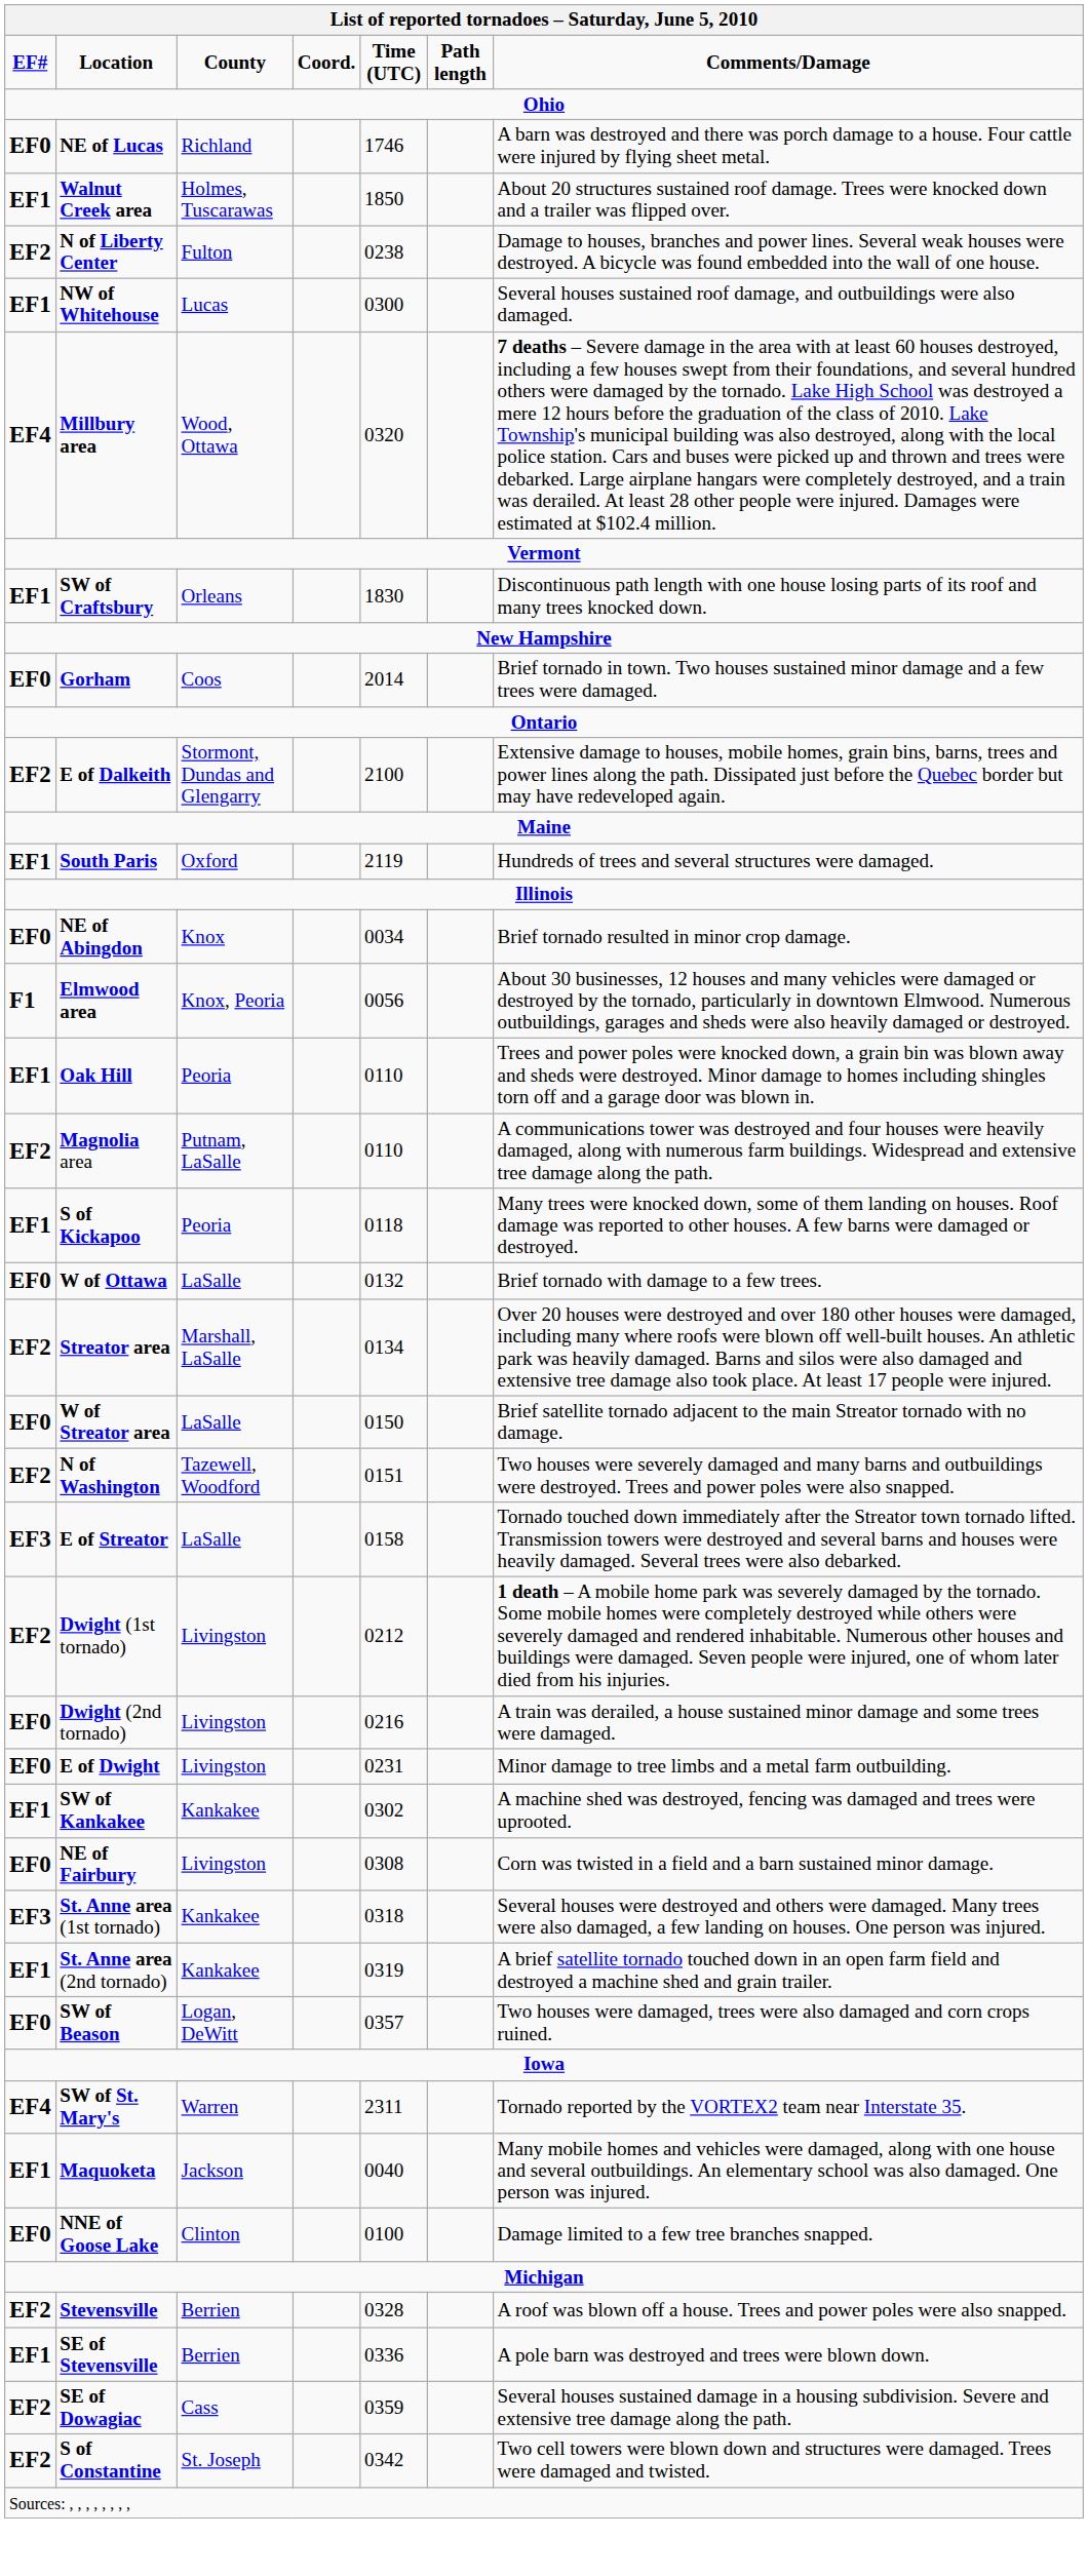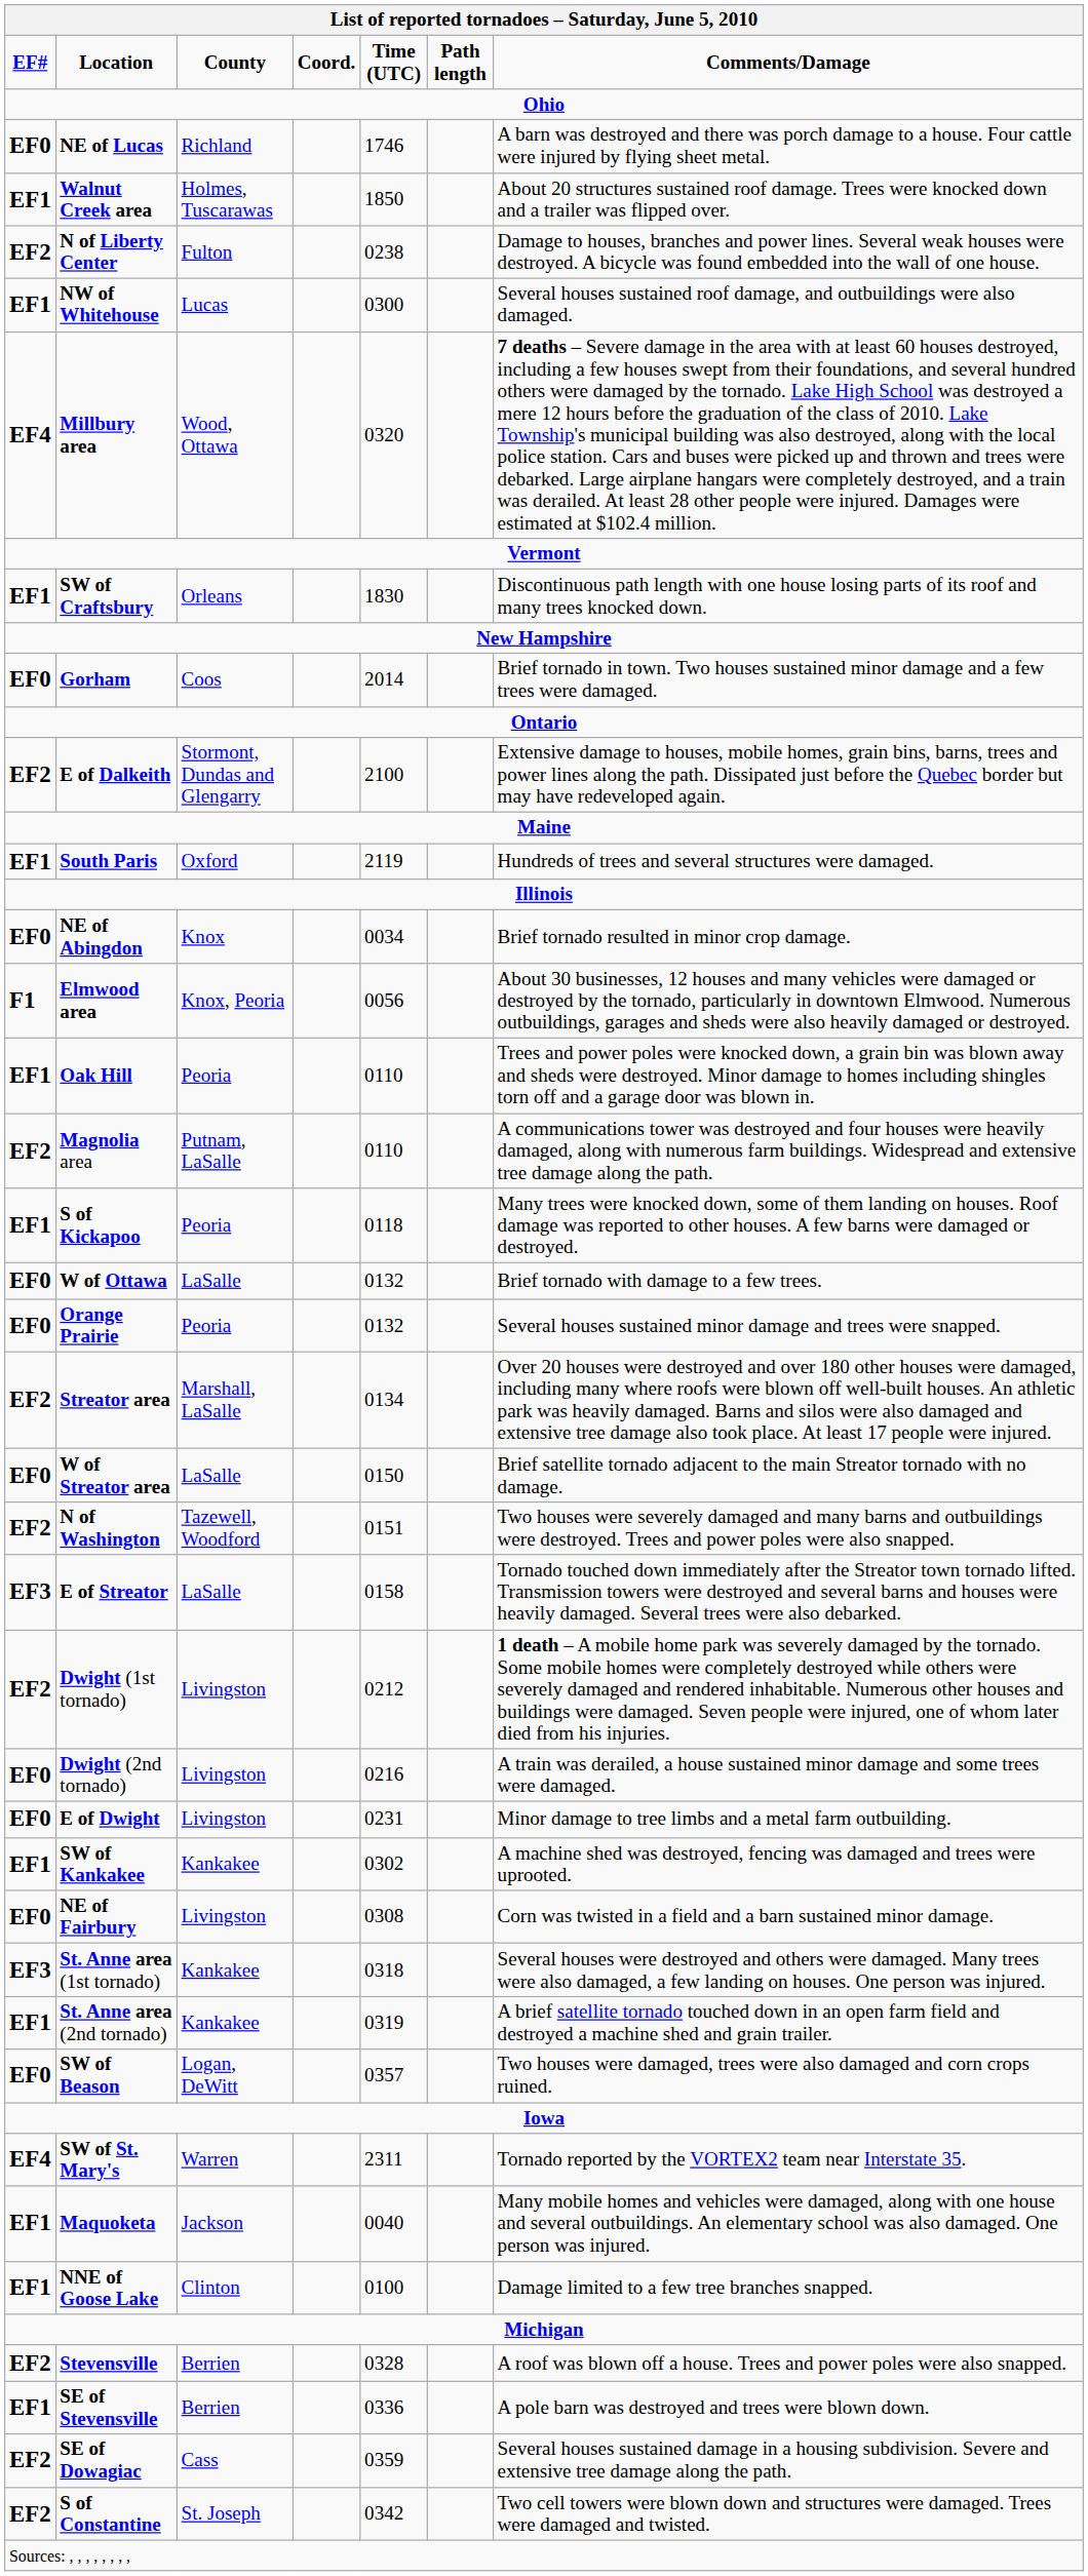 <table class="wikitable collapsible" width="100%">
 <tr>
 <th colspan="7">List of reported tornadoes – Saturday, June 5, 2010</th>
 </tr>
 <tr style="text-align:center;">
 <td><strong><a href='#'>EF#</a></strong></td>
 <td><strong>Location</strong></td>
 <td><strong>County</strong></td>
 <td><strong>Coord.</strong></td>
 <td><strong>Time (UTC)</strong></td>
 <td><strong>Path length</strong></td>
 <td><strong>Comments/Damage</strong></td>
 </tr>
 <tr>
 <td colspan="7" align=center><strong><a href='#'>Ohio</a></strong></td>
 </tr>
 <tr>
 <td><big><strong>EF0</strong></big></td>
 <td><strong>NE of <a href='#'>Lucas</a></strong></td>
 <td><a href='#'>Richland</a></td>
 <td></td>
 <td>1746</td>
 <td></td>
 <td>A barn was destroyed and there was porch damage to a house. Four cattle were injured by flying sheet metal.</td>
 </tr>
 <tr>
 <td><big><strong>EF1</strong></big></td>
 <td><strong><a href='#'>Walnut Creek</a> area</strong></td>
 <td><a href='#'>Holmes</a>, <a href='#'>Tuscarawas</a></td>
 <td></td>
 <td>1850</td>
 <td></td>
 <td>About 20 structures sustained roof damage. Trees were knocked down and a trailer was flipped over.</td>
 </tr>
 <tr>
 <td><big><strong>EF2</strong></big></td>
 <td><strong>N of <a href='#'>Liberty Center</a></strong></td>
 <td><a href='#'>Fulton</a></td>
 <td></td>
 <td>0238</td>
 <td></td>
 <td>Damage to houses, branches and power lines. Several weak houses were destroyed. A bicycle was found embedded into the wall of one house.</td>
 </tr>
 <tr>
 <td><big><strong>EF1</strong></big></td>
 <td><strong>NW of <a href='#'>Whitehouse</a></strong></td>
 <td><a href='#'>Lucas</a></td>
 <td></td>
 <td>0300</td>
 <td></td>
 <td>Several houses sustained roof damage, and outbuildings were also damaged.</td>
 </tr>
 <tr>
 <td><big><strong>EF4</strong></big></td>
 <td><strong><a href='#'>Millbury</a> area</strong></td>
 <td><a href='#'>Wood</a>, <a href='#'>Ottawa</a></td>
 <td></td>
 <td>0320</td>
 <td></td>
 <td><strong>7 deaths</strong> – Severe damage in the area with at least 60 houses destroyed, including a few houses swept from their foundations, and several hundred others were damaged by the tornado. <a href='#'>Lake High School</a> was destroyed a mere 12 hours before the graduation of the class of 2010. <a href='#'>Lake Township</a>'s municipal building was also destroyed, along with the local police station. Cars and buses were picked up and thrown and trees were debarked. Large airplane hangars were completely destroyed, and a train was derailed. At least 28 other people were injured. Damages were estimated at $102.4 million.</td>
 </tr>
 <tr>
 <td colspan="7" align=center><strong><a href='#'>Vermont</a></strong></td>
 </tr>
 <tr>
 <td><big><strong>EF1</strong></big></td>
 <td><strong>SW of <a href='#'>Craftsbury</a></strong></td>
 <td><a href='#'>Orleans</a></td>
 <td></td>
 <td>1830</td>
 <td></td>
 <td>Discontinuous path length with one house losing parts of its roof and many trees knocked down.</td>
 </tr>
 <tr>
 <td colspan="7" align=center><strong><a href='#'>New Hampshire</a></strong></td>
 </tr>
 <tr>
 <td><big><strong>EF0</strong></big></td>
 <td><strong><a href='#'>Gorham</a></strong></td>
 <td><a href='#'>Coos</a></td>
 <td></td>
 <td>2014</td>
 <td></td>
 <td>Brief tornado in town. Two houses sustained minor damage and a few trees were damaged.</td>
 </tr>
 <tr>
 <td colspan="7" style="text-align:center;"><strong><a href='#'>Ontario</a></strong></td>
 </tr>
 <tr>
 <td><big><strong>EF2</strong></big></td>
 <td><strong>E of <a href='#'>Dalkeith</a></strong></td>
 <td><a href='#'>Stormont, Dundas and Glengarry</a></td>
 <td></td>
 <td>2100</td>
 <td></td>
 <td>Extensive damage to houses, mobile homes, grain bins, barns, trees and power lines along the path. Dissipated just before the <a href='#'>Quebec</a> border but may have redeveloped again.</td>
 </tr>
 <tr>
 <td colspan="7" align=center><strong><a href='#'>Maine</a></strong></td>
 </tr>
 <tr>
 <td><big><strong>EF1</strong></big></td>
 <td><strong><a href='#'>South Paris</a></strong></td>
 <td><a href='#'>Oxford</a></td>
 <td></td>
 <td>2119</td>
 <td></td>
 <td>Hundreds of trees and several structures were damaged.</td>
 </tr>
 <tr>
 <td colspan="7" align=center><strong><a href='#'>Illinois</a></strong></td>
 </tr>
 <tr>
 <td><big><strong>EF0</strong></big></td>
 <td><strong>NE of <a href='#'>Abingdon</a></strong></td>
 <td><a href='#'>Knox</a></td>
 <td></td>
 <td>0034</td>
 <td></td>
 <td>Brief tornado resulted in minor crop damage.</td>
 </tr>
 <tr>
 <td><big><strong>F1</strong></big></td>
 <td><strong><a href='#'>Elmwood</a> area</strong></td>
 <td><a href='#'>Knox</a>, <a href='#'>Peoria</a></td>
 <td></td>
 <td>0056</td>
 <td></td>
 <td>About 30 businesses, 12 houses and many vehicles were damaged or destroyed by the tornado, particularly in downtown Elmwood. Numerous outbuildings, garages and sheds were also heavily damaged or destroyed.</td>
 </tr>
 <tr>
 <td><big><strong>EF1</strong></big></td>
 <td><strong><a href='#'>Oak Hill</a></strong></td>
 <td><a href='#'>Peoria</a></td>
 <td></td>
 <td>0110</td>
 <td></td>
 <td>Trees and power poles were knocked down, a grain bin was blown away and sheds were destroyed. Minor damage to homes including shingles torn off and a garage door was blown in.</td>
 </tr>
 <tr>
 <td><big><strong>EF2</strong></big></td>
 <td><strong><a href='#'>Magnolia</a></strong> area</td>
 <td><a href='#'>Putnam</a>, <a href='#'>LaSalle</a></td>
 <td></td>
 <td>0110</td>
 <td></td>
 <td>A communications tower was destroyed and four houses were heavily damaged, along with numerous farm buildings. Widespread and extensive tree damage along the path.</td>
 </tr>
 <tr>
 <td><big><strong>EF1</strong></big></td>
 <td><strong>S of <a href='#'>Kickapoo</a></strong></td>
 <td><a href='#'>Peoria</a></td>
 <td></td>
 <td>0118</td>
 <td></td>
 <td>Many trees were knocked down, some of them landing on houses. Roof damage was reported to other houses. A few barns were damaged or destroyed.</td>
 </tr>
 <tr>
 <td><big><strong>EF0</strong></big></td>
 <td><strong>W of <a href='#'>Ottawa</a></strong></td>
 <td><a href='#'>LaSalle</a></td>
 <td></td>
 <td>0132</td>
 <td></td>
 <td>Brief tornado with damage to a few trees.</td>
 </tr>
 <tr>
+<td><big><strong>EF0</strong></big></td>
+<td><strong><a href='#'>Orange Prairie</a></strong></td>
+<td><a href='#'>Peoria</a></td>
+<td></td>
+<td>0132</td>
+<td></td>
+<td>Several houses sustained minor damage and trees were snapped.</td>
+</tr>
+<tr>
 <td><big><strong>EF2</strong></big></td>
 <td><strong><a href='#'>Streator</a> area</strong></td>
 <td><a href='#'>Marshall</a>, <a href='#'>LaSalle</a></td>
 <td></td>
 <td>0134</td>
 <td></td>
 <td>Over 20 houses were destroyed and over 180 other houses were damaged, including many where roofs were blown off well-built houses. An athletic park was heavily damaged. Barns and silos were also damaged and extensive tree damage also took place. At least 17 people were injured.</td>
 </tr>
 <tr>
 <td><big><strong>EF0</strong></big></td>
 <td><strong>W of <a href='#'>Streator</a> area</strong></td>
 <td><a href='#'>LaSalle</a></td>
 <td></td>
 <td>0150</td>
 <td></td>
 <td>Brief satellite tornado adjacent to the main Streator tornado with no damage.</td>
 </tr>
 <tr>
 <td><big><strong>EF2</strong></big></td>
 <td><strong>N of <a href='#'>Washington</a></strong></td>
 <td><a href='#'>Tazewell</a>, <a href='#'>Woodford</a></td>
 <td></td>
 <td>0151</td>
 <td></td>
 <td>Two houses were severely damaged and many barns and outbuildings were destroyed. Trees and power poles were also snapped.</td>
 </tr>
 <tr>
 <td><big><strong>EF3</strong></big></td>
 <td><strong>E of <a href='#'>Streator</a></strong></td>
 <td><a href='#'>LaSalle</a></td>
 <td></td>
 <td>0158</td>
 <td></td>
 <td>Tornado touched down immediately after the Streator town tornado lifted. Transmission towers were destroyed and several barns and houses were heavily damaged. Several trees were also debarked.</td>
 </tr>
 <tr>
 <td><big><strong>EF2</strong></big></td>
 <td><strong><a href='#'>Dwight</a></strong> (1st tornado)</td>
 <td><a href='#'>Livingston</a></td>
 <td></td>
 <td>0212</td>
 <td></td>
 <td><strong>1 death</strong> – A mobile home park was severely damaged by the tornado. Some mobile homes were completely destroyed while others were severely damaged and rendered inhabitable. Numerous other houses and buildings were damaged. Seven people were injured, one of whom later died from his injuries.</td>
 </tr>
 <tr>
 <td><big><strong>EF0</strong></big></td>
 <td><strong><a href='#'>Dwight</a></strong> (2nd tornado)</td>
 <td><a href='#'>Livingston</a></td>
 <td></td>
 <td>0216</td>
 <td></td>
 <td>A train was derailed, a house sustained minor damage and some trees were damaged.</td>
 </tr>
 <tr>
 <td><big><strong>EF0</strong></big></td>
 <td><strong>E of <a href='#'>Dwight</a></strong></td>
 <td><a href='#'>Livingston</a></td>
 <td></td>
 <td>0231</td>
 <td></td>
 <td>Minor damage to tree limbs and a metal farm outbuilding.</td>
 </tr>
 <tr>
 <td><big><strong>EF1</strong></big></td>
 <td><strong>SW of <a href='#'>Kankakee</a></strong></td>
 <td><a href='#'>Kankakee</a></td>
 <td></td>
 <td>0302</td>
 <td></td>
 <td>A machine shed was destroyed, fencing was damaged and trees were uprooted.</td>
 </tr>
 <tr>
 <td><big><strong>EF0</strong></big></td>
 <td><strong>NE of <a href='#'>Fairbury</a></strong></td>
 <td><a href='#'>Livingston</a></td>
 <td></td>
 <td>0308</td>
 <td></td>
 <td>Corn was twisted in a field and a barn sustained minor damage.</td>
 </tr>
 <tr>
 <td><big><strong>EF3</strong></big></td>
 <td><strong><a href='#'>St. Anne</a> area</strong> (1st tornado)</td>
 <td><a href='#'>Kankakee</a></td>
 <td></td>
 <td>0318</td>
 <td></td>
 <td>Several houses were destroyed and others were damaged. Many trees were also damaged, a few landing on houses. One person was injured.</td>
 </tr>
 <tr>
 <td><big><strong>EF1</strong></big></td>
 <td><strong><a href='#'>St. Anne</a> area</strong> (2nd tornado)</td>
 <td><a href='#'>Kankakee</a></td>
 <td></td>
 <td>0319</td>
 <td></td>
 <td>A brief <a href='#'>satellite tornado</a> touched down in an open farm field and destroyed a machine shed and grain trailer.</td>
 </tr>
 <tr>
 <td><big><strong>EF0</strong></big></td>
 <td><strong>SW of <a href='#'>Beason</a></strong></td>
 <td><a href='#'>Logan</a>, <a href='#'>DeWitt</a></td>
 <td></td>
 <td>0357</td>
 <td></td>
 <td>Two houses were damaged, trees were also damaged and corn crops ruined.</td>
 </tr>
 <tr>
 <td colspan="7" align=center><strong><a href='#'>Iowa</a></strong></td>
 </tr>
 <tr>
 <td><big><strong>EF4</strong></big></td>
 <td><strong>SW of <a href='#'>St. Mary's</a></strong></td>
 <td><a href='#'>Warren</a></td>
 <td></td>
 <td>2311</td>
 <td></td>
 <td>Tornado reported by the <a href='#'>VORTEX2</a> team near <a href='#'>Interstate 35</a>.</td>
 </tr>
 <tr>
 <td><big><strong>EF1</strong></big></td>
 <td><strong><a href='#'>Maquoketa</a></strong></td>
 <td><a href='#'>Jackson</a></td>
 <td></td>
 <td>0040</td>
 <td></td>
 <td>Many mobile homes and vehicles were damaged, along with one house and several outbuildings. An elementary school was also damaged. One person was injured.</td>
 </tr>
 <tr>
-<td><big><strong>EF0</strong></big></td>
+<td><big><strong>EF1</strong></big></td>
 <td><strong>NNE of <a href='#'>Goose Lake</a></strong></td>
 <td><a href='#'>Clinton</a></td>
 <td></td>
 <td>0100</td>
 <td></td>
 <td>Damage limited to a few tree branches snapped.</td>
 </tr>
 <tr>
 <td colspan="7" align=center><strong><a href='#'>Michigan</a></strong></td>
 </tr>
 <tr>
 <td><big><strong>EF2</strong></big></td>
 <td><strong><a href='#'>Stevensville</a></strong></td>
 <td><a href='#'>Berrien</a></td>
 <td></td>
 <td>0328</td>
 <td></td>
 <td>A roof was blown off a house. Trees and power poles were also snapped.</td>
 </tr>
 <tr>
 <td><big><strong>EF1</strong></big></td>
 <td><strong>SE of <a href='#'>Stevensville</a></strong></td>
 <td><a href='#'>Berrien</a></td>
 <td></td>
 <td>0336</td>
 <td></td>
 <td>A pole barn was destroyed and trees were blown down.</td>
 </tr>
 <tr>
 <td><big><strong>EF2</strong></big></td>
 <td><strong>SE of <a href='#'>Dowagiac</a></strong></td>
 <td><a href='#'>Cass</a></td>
 <td></td>
 <td>0359</td>
 <td></td>
 <td>Several houses sustained damage in a housing subdivision. Severe and extensive tree damage along the path.</td>
 </tr>
 <tr>
 <td><big><strong>EF2</strong></big></td>
 <td><strong>S of <a href='#'>Constantine</a></strong></td>
 <td><a href='#'>St. Joseph</a></td>
 <td></td>
 <td>0342</td>
 <td></td>
 <td>Two cell towers were blown down and structures were damaged. Trees were damaged and twisted.</td>
 </tr>
 <tr>
 <td colspan="7"><small>Sources: , , , , , , , , </small></td>
 </tr>
 </table>
